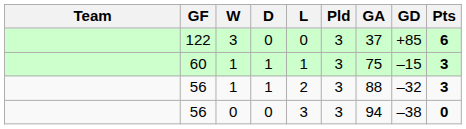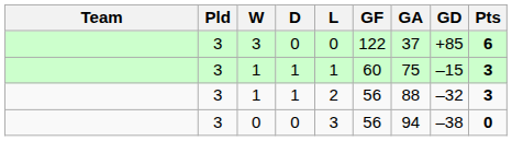 <table class="wikitable" style="text-align: center;">
 <tr>
 <th width="180">Team</th>
-<th width="30">GF</th>
+<th width="30">Pld</th>
 <th width="30">W</th>
 <th width="30">D</th>
 <th width="30">L</th>
-<th width="30">Pld</th>
+<th width="30">GF</th>
 <th width="30">GA</th>
 <th width="30">GD</th>
 <th width="30">Pts</th>
 </tr>
 <tr bgcolor=#CCFFCC>
 <td align="left"></td>
-<td>122</td>
+<td>3</td>
 <td>3</td>
 <td>0</td>
 <td>0</td>
-<td>3</td>
+<td>122</td>
 <td>37</td>
 <td>+85</td>
 <td><strong>6</strong></td>
 </tr>
 <tr bgcolor=#CCFFCC>
 <td align="left"></td>
-<td>60</td>
+<td>3</td>
 <td>1</td>
 <td>1</td>
 <td>1</td>
-<td>3</td>
+<td>60</td>
 <td>75</td>
 <td>–15</td>
 <td><strong>3</strong></td>
 </tr>
 <tr>
 <td align="left"></td>
-<td>56</td>
+<td>3</td>
 <td>1</td>
 <td>1</td>
 <td>2</td>
-<td>3</td>
+<td>56</td>
 <td>88</td>
 <td>–32</td>
 <td><strong>3</strong></td>
 </tr>
 <tr>
 <td align="left"></td>
-<td>56</td>
+<td>3</td>
 <td>0</td>
 <td>0</td>
 <td>3</td>
-<td>3</td>
+<td>56</td>
 <td>94</td>
 <td>–38</td>
 <td><strong>0</strong></td>
 </tr>
 </table>
